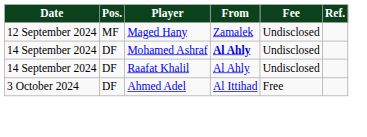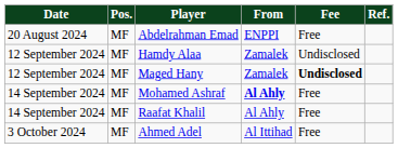 <table class="wikitable plainrowheaders sortable">
 <tr>
 <th style="background:#0b421c; color:#ffffff; ">Date</th>
 <th style="background:#0b421c; color:#ffffff; ">Pos.</th>
 <th style="background:#0b421c; color:#ffffff; ">Player</th>
 <th style="background:#0b421c; color:#ffffff; ">From</th>
 <th style="background:#0b421c; color:#ffffff; ">Fee</th>
 <th style="background:#0b421c; color:#ffffff; ">Ref.</th>
 </tr>
 <tr>
+<td>20 August 2024</td>
+<td>MF</td>
+<td> <a href='#'>Abdelrahman Emad</a></td>
+<td> <a href='#'>ENPPI</a></td>
+<td>Free</td>
+<td></td>
+</tr>
+<tr>
 <td>12 September 2024</td>
 <td>MF</td>
-<td> <a href='#'>Maged Hany</a></td>
+<td> <a href='#'>Hamdy Alaa</a></td>
 <td> <a href='#'>Zamalek</a></td>
 <td>Undisclosed</td>
 <td></td>
 </tr>
 <tr>
-<td>14 September 2024</td>
-<td>DF</td>
-<td> <a href='#'>Mohamed Ashraf</a></td>
-<td><strong> <a href='#'>Al Ahly</a></strong></td>
-<td>Undisclosed</td>
+<td>12 September 2024</td>
+<td>MF</td>
+<td> <a href='#'>Maged Hany</a></td>
+<td> <a href='#'>Zamalek</a></td>
+<td><strong>Undisclosed</strong></td>
 <td></td>
 </tr>
 <tr>
 <td>14 September 2024</td>
-<td>DF</td>
+<td>MF</td>
+<td> <a href='#'>Mohamed Ashraf</a></td>
+<td><strong> <a href='#'>Al Ahly</a></strong></td>
+<td>Free</td>
+<td></td>
+</tr>
+<tr>
+<td>14 September 2024</td>
+<td>MF</td>
 <td> <a href='#'>Raafat Khalil</a></td>
 <td> <a href='#'>Al Ahly</a></td>
-<td>Undisclosed</td>
+<td>Free</td>
 <td></td>
 </tr>
 <tr>
 <td>3 October 2024</td>
-<td>DF</td>
+<td>MF</td>
 <td> <a href='#'>Ahmed Adel</a></td>
 <td> <a href='#'>Al Ittihad</a></td>
 <td>Free</td>
 <td></td>
 </tr>
 </table>
